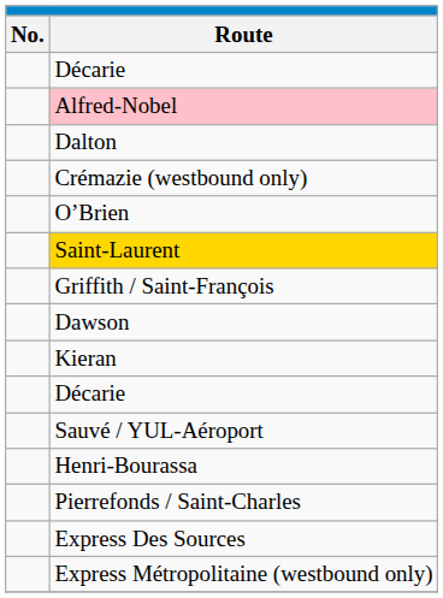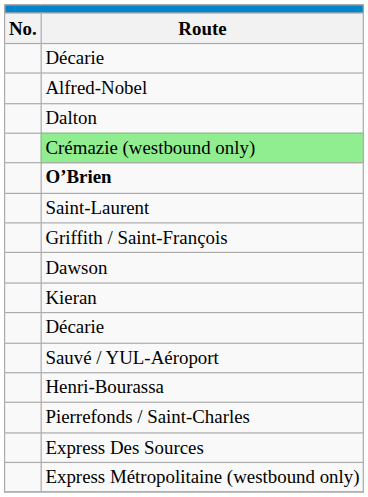 <table align=center class="wikitable">
 <tr>
 <th style="background: #0085CA; font-size:100%; color:#FFFFFF;"colspan="4"><a href='#'></a></th>
 </tr>
 <tr>
 <th>No.</th>
 <th>Route</th>
 </tr>
 <tr>
 <td></td>
 <td>Décarie</td>
 </tr>
 <tr>
 <td></td>
-<td style="background: pink;">Alfred-Nobel</td>
+<td>Alfred-Nobel</td>
 </tr>
 <tr>
 <td></td>
 <td>Dalton</td>
 </tr>
 <tr>
 <td></td>
-<td>Crémazie (westbound only)</td>
+<td style="background: lightgreen;">Crémazie (westbound only)</td>
 </tr>
 <tr>
 <td></td>
-<td>O’Brien</td>
+<td><strong>O’Brien</strong></td>
 </tr>
 <tr>
 <td></td>
-<td style="background: gold;">Saint-Laurent</td>
+<td>Saint-Laurent</td>
 </tr>
 <tr>
 <td></td>
 <td>Griffith / Saint-François</td>
 </tr>
 <tr>
 <td></td>
 <td>Dawson</td>
 </tr>
 <tr>
 <td></td>
 <td>Kieran</td>
 </tr>
 <tr>
 <td {{Avoid wrap> </td>
 <td>Décarie</td>
 </tr>
 <tr>
 <td {{Avoid wrap> </td>
 <td>Sauvé / YUL-Aéroport</td>
 </tr>
 <tr>
 <td {{Avoid wrap> </td>
 <td>Henri-Bourassa</td>
 </tr>
 <tr>
 <td {{Avoid wrap> </td>
 <td>Pierrefonds / Saint-Charles</td>
 </tr>
 <tr>
 <td></td>
 <td>Express Des Sources</td>
 </tr>
 <tr>
 <td></td>
 <td>Express Métropolitaine (westbound only)</td>
 </tr>
 <tr>
 </tr>
 </table>
